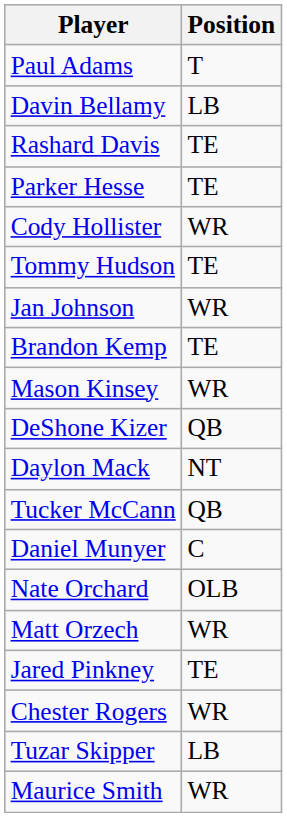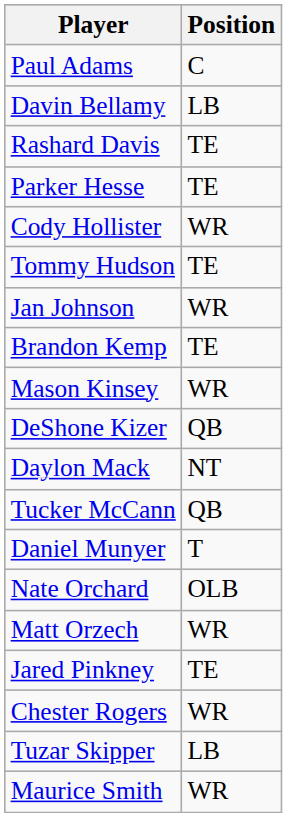 <table class="wikitable sortable">
 <tr>
 <th>Player</th>
 <th>Position</th>
 </tr>
 <tr>
 <td><a href='#'>Paul Adams</a></td>
-<td>T</td>
+<td>C</td>
 </tr>
 <tr>
 <td><a href='#'>Davin Bellamy</a></td>
 <td>LB</td>
 </tr>
 <tr>
 <td><a href='#'>Rashard Davis</a></td>
 <td>TE</td>
 </tr>
 <tr>
 <td><a href='#'>Parker Hesse</a></td>
 <td>TE</td>
 </tr>
 <tr>
 <td><a href='#'>Cody Hollister</a></td>
 <td>WR</td>
 </tr>
 <tr>
 <td><a href='#'>Tommy Hudson</a></td>
 <td>TE</td>
 </tr>
 <tr>
 <td><a href='#'>Jan Johnson</a></td>
 <td>WR</td>
 </tr>
 <tr>
 <td><a href='#'>Brandon Kemp</a></td>
 <td>TE</td>
 </tr>
 <tr>
 <td><a href='#'>Mason Kinsey</a></td>
 <td>WR</td>
 </tr>
 <tr>
 <td><a href='#'>DeShone Kizer</a></td>
 <td>QB</td>
 </tr>
 <tr>
 <td><a href='#'>Daylon Mack</a></td>
 <td>NT</td>
 </tr>
 <tr>
 <td><a href='#'>Tucker McCann</a></td>
 <td>QB</td>
 </tr>
 <tr>
 <td><a href='#'>Daniel Munyer</a></td>
-<td>C</td>
+<td>T</td>
 </tr>
 <tr>
 <td><a href='#'>Nate Orchard</a></td>
 <td>OLB</td>
 </tr>
 <tr>
 <td><a href='#'>Matt Orzech</a></td>
 <td>WR</td>
 </tr>
 <tr>
 <td><a href='#'>Jared Pinkney</a></td>
 <td>TE</td>
 </tr>
 <tr>
 <td><a href='#'>Chester Rogers</a></td>
 <td>WR</td>
 </tr>
 <tr>
 <td><a href='#'>Tuzar Skipper</a></td>
 <td>LB</td>
 </tr>
 <tr>
 <td><a href='#'>Maurice Smith</a></td>
 <td>WR</td>
 </tr>
 </table>
